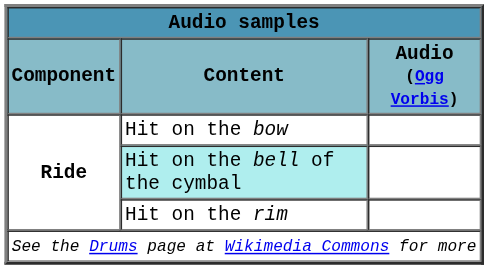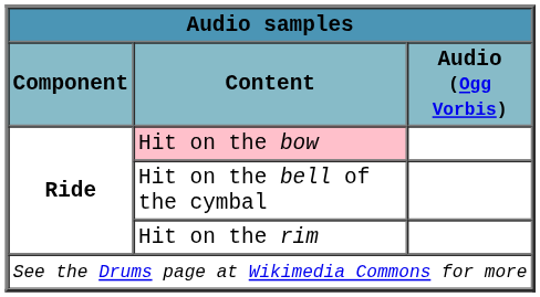 <table border="2" cellpadding="2" cellspacing="0" align="right">
 <tr>
 <th colspan="3" style="background:#4B95B5;"><strong>Audio samples</strong></th>
 </tr>
 <tr>
 <th width="30" style="background:#87BBC8;">Component</th>
 <th width="160" style="background:#87BBC8;">Content</th>
 <th width="70" style="background:#87BBC8;">Audio  <small>(<a href='#'>Ogg Vorbis</a>)</small></th>
 </tr>
 <tr>
 <td align="center" rowspan="3 "><strong>Ride</strong></td>
-<td>Hit on the <em>bow</em></td>
+<td style="background: pink;">Hit on the <em>bow</em></td>
 <td align="center"></td>
 </tr>
 <tr>
-<td style="background: paleturquoise;">Hit on the <em>bell</em> of the cymbal</td>
+<td>Hit on the <em>bell</em> of the cymbal</td>
 <td align="center"></td>
 </tr>
 <tr>
 <td>Hit on the <em>rim</em></td>
 <td align="center"></td>
 </tr>
 <tr>
 <td align="center"  colspan="3" style="background:#fffdead;"><small><em>See the <a href='#'>Drums</a> page at <a href='#'>Wikimedia Commons</a> for more</em> </small></td>
 </tr>
 </table>
